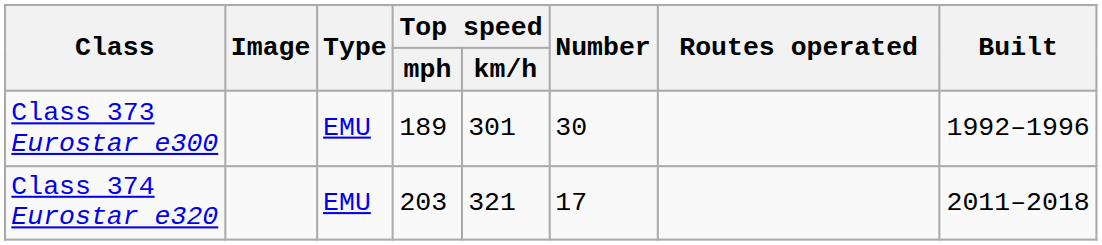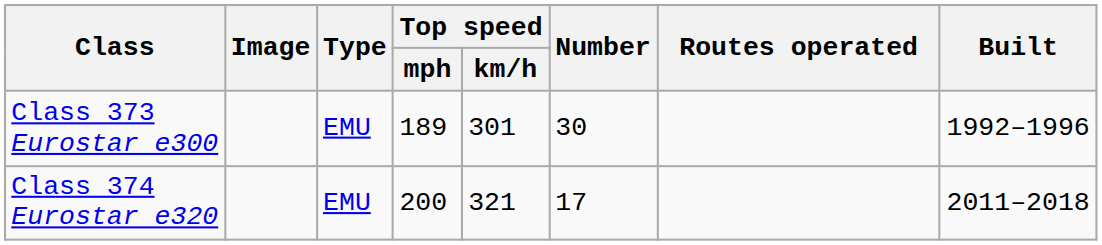 <table class="wikitable">
 <tr>
 <th rowspan="2">Class</th>
 <th rowspan="2">Image</th>
 <th rowspan="2">Type</th>
 <th colspan="2">Top speed</th>
 <th rowspan="2">Num­ber</th>
 <th rowspan="2"> Routes operated </th>
 <th rowspan="2"> Built </th>
 </tr>
 <tr>
 <th>mph</th>
 <th>km/h</th>
 </tr>
 <tr>
 <td><a href='#'>Class 373 <br> <em>Eurostar e300</em></a></td>
 <td></td>
 <td><a href='#'>EMU</a></td>
 <td>189</td>
 <td>301</td>
 <td>30</td>
 <td></td>
 <td>1992–1996</td>
 </tr>
 <tr>
 <td><a href='#'>Class 374 <br> <em>Eurostar e320</em></a></td>
 <td></td>
 <td><a href='#'>EMU</a></td>
-<td>203</td>
+<td>200</td>
 <td>321</td>
 <td>17</td>
 <td></td>
 <td>2011–2018</td>
 </tr>
 </table>
